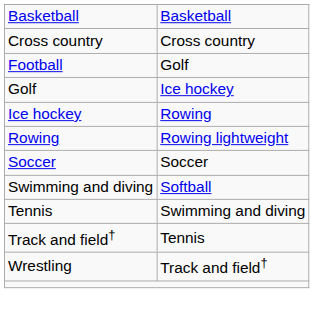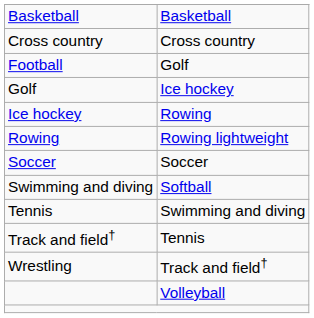 <table class="wikitable" style=" ">
 <tr>
 </tr>
 <tr>
 <td><a href='#'>Basketball</a></td>
 <td><a href='#'>Basketball</a></td>
 </tr>
 <tr>
 <td>Cross country</td>
 <td>Cross country</td>
 </tr>
 <tr>
 <td><a href='#'>Football</a></td>
 <td>Golf</td>
 </tr>
 <tr>
 <td>Golf</td>
 <td><a href='#'>Ice hockey</a></td>
 </tr>
 <tr>
 <td><a href='#'>Ice hockey</a></td>
 <td><a href='#'>Rowing</a></td>
 </tr>
 <tr>
 <td><a href='#'>Rowing</a></td>
 <td><a href='#'>Rowing lightweight</a></td>
 </tr>
 <tr>
 <td><a href='#'>Soccer</a></td>
 <td>Soccer</td>
 </tr>
 <tr>
 <td>Swimming and diving</td>
 <td><a href='#'>Softball</a></td>
 </tr>
 <tr>
 <td>Tennis</td>
 <td>Swimming and diving</td>
 </tr>
 <tr>
 <td>Track and field<sup>†</sup></td>
 <td>Tennis</td>
 </tr>
 <tr>
 <td>Wrestling</td>
 <td>Track and field<sup>†</sup></td>
 </tr>
 <tr>
+<td></td>
+<td><a href='#'>Volleyball</a></td>
+</tr>
+<tr>
 <td colspan="2"></td>
 </tr>
 </table>
